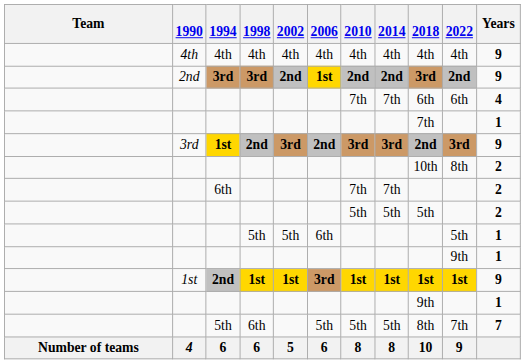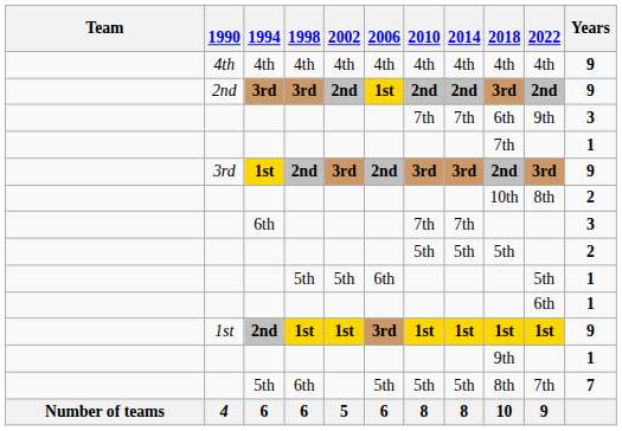 <table class="wikitable" style="text-align:center; font-size:90%">
 <tr>
 <th width=170>Team</th>
 <th width=25><br><a href='#'>1990</a></th>
 <th width=25><br><a href='#'>1994</a></th>
 <th width=25><br><a href='#'>1998</a></th>
 <th width=25><br><a href='#'>2002</a></th>
 <th width=25><br><a href='#'>2006</a></th>
 <th width=25><br><a href='#'>2010</a></th>
 <th width=25><br><a href='#'>2014</a></th>
 <th width=25><br><a href='#'>2018</a></th>
 <th width=25><br><a href='#'>2022</a></th>
 <th width=40>Years</th>
 </tr>
 <tr>
 <td align=left></td>
 <td><em>4th</em></td>
 <td>4th</td>
 <td>4th</td>
 <td>4th</td>
 <td>4th</td>
 <td>4th</td>
 <td>4th</td>
 <td>4th</td>
 <td>4th</td>
 <td><strong>9</strong></td>
 </tr>
 <tr>
 <td align=left></td>
 <td><em>2nd</em></td>
 <td bgcolor=cc9966><strong>3rd</strong></td>
 <td bgcolor=cc9966><strong>3rd</strong></td>
 <td bgcolor=silver><strong>2nd</strong></td>
 <td bgcolor=gold><strong>1st</strong></td>
 <td bgcolor=silver><strong>2nd</strong></td>
 <td bgcolor=silver><strong>2nd</strong></td>
 <td bgcolor=cc9966><strong>3rd</strong></td>
 <td bgcolor=silver><strong>2nd</strong></td>
 <td><strong>9</strong></td>
 </tr>
 <tr>
 <td align=left></td>
 <td></td>
 <td></td>
 <td></td>
 <td></td>
 <td></td>
 <td>7th</td>
 <td>7th</td>
 <td>6th</td>
-<td>6th</td>
-<td><strong>4</strong></td>
+<td>9th</td>
+<td><strong>3</strong></td>
 </tr>
 <tr>
 <td align=left></td>
 <td></td>
 <td></td>
 <td></td>
 <td></td>
 <td></td>
 <td></td>
 <td></td>
 <td>7th</td>
 <td></td>
 <td><strong>1</strong></td>
 </tr>
 <tr>
 <td align=left></td>
 <td><em>3rd</em></td>
 <td bgcolor=gold><strong>1st</strong></td>
 <td bgcolor=silver><strong>2nd</strong></td>
 <td bgcolor=cc9966><strong>3rd</strong></td>
 <td bgcolor=silver><strong>2nd</strong></td>
 <td bgcolor=cc9966><strong>3rd</strong></td>
 <td bgcolor=cc9966><strong>3rd</strong></td>
 <td bgcolor=silver><strong>2nd</strong></td>
 <td bgcolor=cc9966><strong>3rd</strong></td>
 <td><strong>9</strong></td>
 </tr>
 <tr>
 <td align=left></td>
 <td></td>
 <td></td>
 <td></td>
 <td></td>
 <td></td>
 <td></td>
 <td></td>
 <td>10th</td>
 <td>8th</td>
 <td><strong>2</strong></td>
 </tr>
 <tr>
 <td align=left></td>
 <td></td>
 <td>6th</td>
 <td></td>
 <td></td>
 <td></td>
 <td>7th</td>
 <td>7th</td>
 <td></td>
 <td></td>
-<td><strong>2</strong></td>
+<td><strong>3</strong></td>
 </tr>
 <tr>
 <td align=left></td>
 <td></td>
 <td></td>
 <td></td>
 <td></td>
 <td></td>
 <td>5th</td>
 <td>5th</td>
 <td>5th</td>
 <td></td>
 <td><strong>2</strong></td>
 </tr>
 <tr>
 <td align=left></td>
 <td></td>
 <td></td>
 <td>5th</td>
 <td>5th</td>
 <td>6th</td>
 <td></td>
 <td></td>
 <td></td>
 <td>5th</td>
 <td><strong>1</strong></td>
 </tr>
 <tr>
 <td align=left></td>
 <td></td>
 <td></td>
 <td></td>
 <td></td>
 <td></td>
 <td></td>
 <td></td>
 <td></td>
-<td>9th</td>
+<td>6th</td>
 <td><strong>1</strong></td>
 </tr>
 <tr>
 <td align=left></td>
 <td><em>1st</em></td>
 <td bgcolor=silver><strong>2nd</strong></td>
 <td bgcolor=gold><strong>1st</strong></td>
 <td bgcolor=gold><strong>1st</strong></td>
 <td bgcolor=cc9966><strong>3rd</strong></td>
 <td bgcolor=gold><strong>1st</strong></td>
 <td bgcolor=gold><strong>1st</strong></td>
 <td bgcolor=gold><strong>1st</strong></td>
 <td bgcolor=gold><strong>1st</strong></td>
 <td><strong>9</strong></td>
 </tr>
 <tr>
 <td align=left></td>
 <td></td>
 <td></td>
 <td></td>
 <td></td>
 <td></td>
 <td></td>
 <td></td>
 <td>9th</td>
 <td></td>
 <td><strong>1</strong></td>
 </tr>
 <tr>
 <td align=left></td>
 <td></td>
 <td>5th</td>
 <td>6th</td>
 <td></td>
 <td>5th</td>
 <td>5th</td>
 <td>5th</td>
 <td>8th</td>
 <td>7th</td>
 <td><strong>7</strong></td>
 </tr>
 <tr>
 <th>Number of teams</th>
 <th><em>4</em></th>
 <th>6</th>
 <th>6</th>
 <th>5</th>
 <th>6</th>
 <th>8</th>
 <th>8</th>
 <th>10</th>
 <th>9</th>
 <th></th>
 </tr>
 </table>
